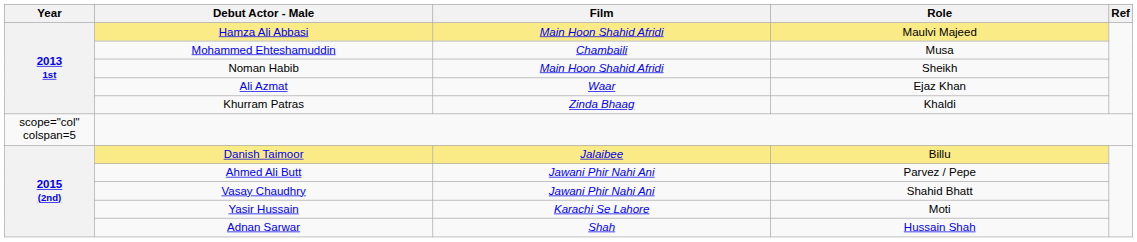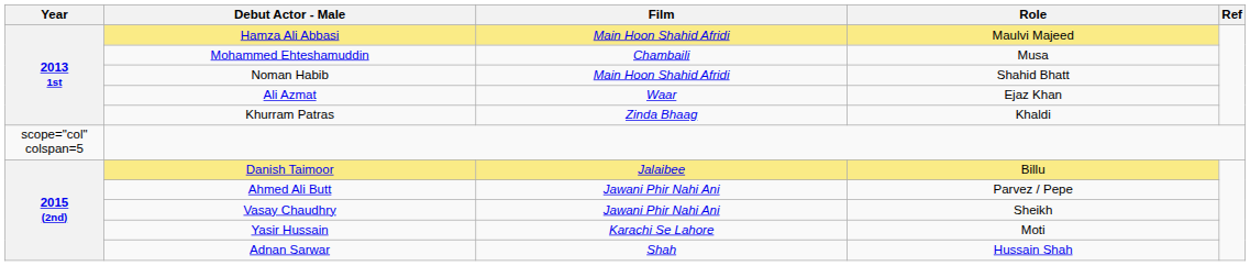 <table class="wikitable" style="text-align:center;">
 <tr style="background:#bebebe;">
 <th scope="col" style="width:8%;">Year</th>
 <th scope="col" style="width:30%;">Debut Actor - Male</th>
 <th scope="col" style="width:30%;">Film</th>
 <th scope="col" style="width:30%;">Role</th>
 <th scope="col" style="width:30%;">Ref</th>
 </tr>
 <tr>
 <th scope="row" rowspan=5 style="text-align:center"><strong><a href='#'>2013</a></strong><br><small><a href='#'>1st</a></small></th>
 <td style="background:#FAEB86"><a href='#'>Hamza Ali Abbasi</a></td>
 <td style="background:#FAEB86"><em><a href='#'>Main Hoon Shahid Afridi</a></em></td>
 <td style="background:#FAEB86">Maulvi Majeed</td>
 <td rowspan=5></td>
 </tr>
 <tr>
 <td><a href='#'>Mohammed Ehteshamuddin</a></td>
 <td><em><a href='#'>Chambaili</a></em></td>
 <td>Musa</td>
 </tr>
 <tr>
 <td>Noman Habib</td>
 <td><em><a href='#'>Main Hoon Shahid Afridi</a></em></td>
-<td>Sheikh</td>
+<td>Shahid Bhatt</td>
 </tr>
 <tr>
 <td><a href='#'>Ali Azmat</a></td>
 <td><em><a href='#'>Waar</a></em></td>
 <td>Ejaz Khan</td>
 </tr>
 <tr>
 <td>Khurram Patras</td>
 <td><em><a href='#'>Zinda Bhaag</a></em></td>
 <td>Khaldi</td>
 </tr>
 <tr>
 <td>scope="col" colspan=5 </td>
 </tr>
 <tr>
 <th scope="row" rowspan=5 style="text-align:center"><strong><a href='#'>2015</a></strong><br><small><a href='#'>(2nd)</a></small></th>
 <td style="background:#FAEB86"><a href='#'>Danish Taimoor</a></td>
 <td style="background:#FAEB86"><em><a href='#'>Jalaibee</a></em></td>
 <td style="background:#FAEB86">Billu</td>
 <td rowspan=5></td>
 </tr>
 <tr>
 <td><a href='#'>Ahmed Ali Butt</a></td>
 <td><em><a href='#'>Jawani Phir Nahi Ani</a></em></td>
 <td>Parvez / Pepe</td>
 </tr>
 <tr>
 <td><a href='#'>Vasay Chaudhry</a></td>
 <td><em><a href='#'>Jawani Phir Nahi Ani</a></em></td>
-<td>Shahid Bhatt</td>
+<td>Sheikh</td>
 </tr>
 <tr>
 <td><a href='#'>Yasir Hussain</a></td>
 <td><em><a href='#'>Karachi Se Lahore</a></em></td>
 <td>Moti</td>
 </tr>
 <tr>
 <td><a href='#'>Adnan Sarwar</a></td>
 <td><em><a href='#'>Shah</a></em></td>
 <td><a href='#'>Hussain Shah</a></td>
 </tr>
 </table>
